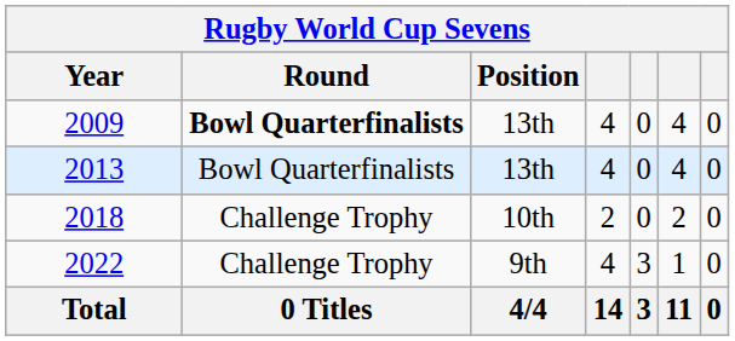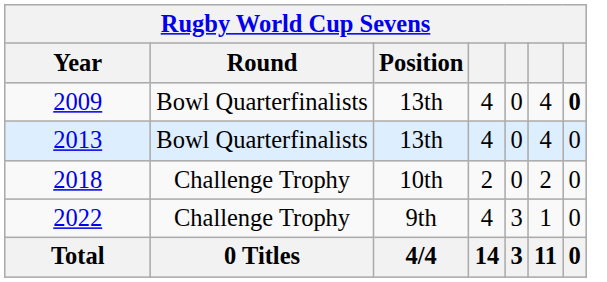 <table class="wikitable" style="text-align: center;">
 <tr>
 <th colspan=10><a href='#'>Rugby World Cup Sevens</a></th>
 </tr>
 <tr>
 <th style="width:5.5em;">Year</th>
 <th>Round</th>
 <th>Position</th>
 <th></th>
 <th></th>
 <th></th>
 <th></th>
 </tr>
 <tr>
 <td> <a href='#'>2009</a></td>
-<td><strong>Bowl Quarterfinalists</strong></td>
+<td>Bowl Quarterfinalists</td>
 <td>13th</td>
 <td>4</td>
 <td>0</td>
 <td>4</td>
-<td>0</td>
+<td><strong>0</strong></td>
 </tr>
 <tr bgcolor=#ddeeff>
 <td> <a href='#'>2013</a></td>
 <td>Bowl Quarterfinalists</td>
 <td>13th</td>
 <td>4</td>
 <td>0</td>
 <td>4</td>
 <td>0</td>
 </tr>
 <tr>
 <td> <a href='#'>2018</a></td>
 <td>Challenge Trophy</td>
 <td>10th</td>
 <td>2</td>
 <td>0</td>
 <td>2</td>
 <td>0</td>
 </tr>
 <tr>
 <td> <a href='#'>2022</a></td>
 <td>Challenge Trophy</td>
 <td>9th</td>
 <td>4</td>
 <td>3</td>
 <td>1</td>
 <td>0</td>
 </tr>
 <tr>
 <th>Total</th>
 <th>0 Titles</th>
 <th>4/4</th>
 <th>14</th>
 <th>3</th>
 <th>11</th>
 <th>0</th>
 </tr>
 </table>
